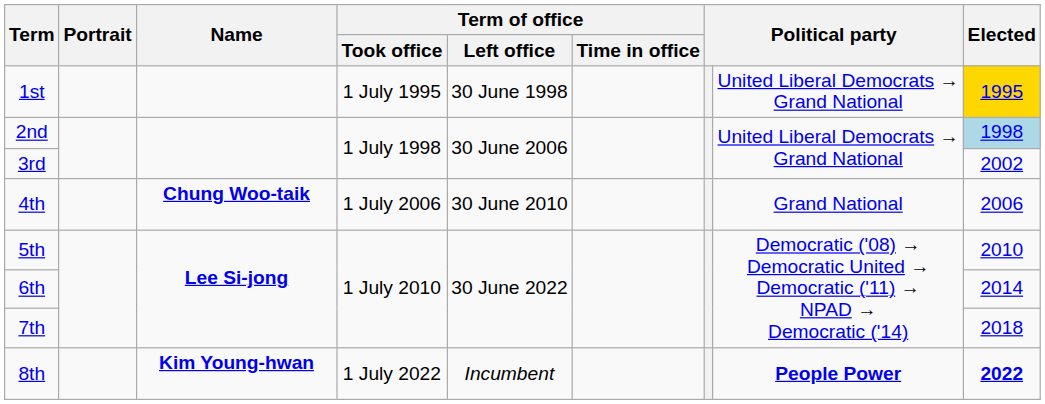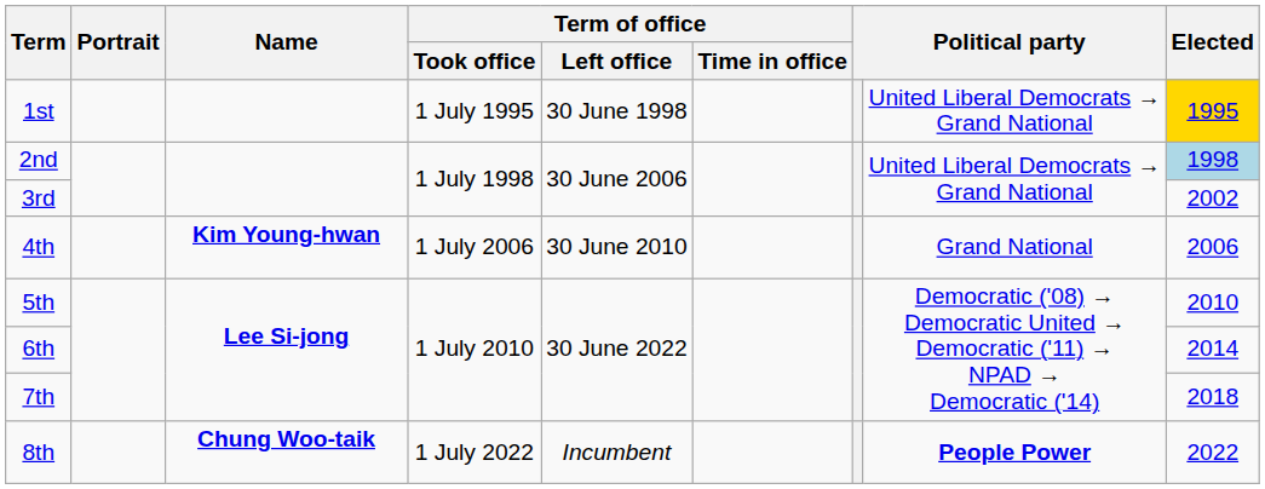 <table class="wikitable" style="text-align:center">
 <tr>
 <th rowspan="2">Term</th>
 <th rowspan="2">Portrait</th>
 <th rowspan="2" width="160">Name<br></th>
 <th colspan="3">Term of office</th>
 <th colspan="2" rowspan="2">Political party</th>
 <th rowspan="2">Elected</th>
 </tr>
 <tr>
 <th>Took office</th>
 <th>Left office</th>
 <th>Time in office</th>
 </tr>
 <tr>
 <td><a href='#'>1st</a></td>
 <td></td>
 <td><strong></strong><br><br></td>
 <td>1 July 1995</td>
 <td>30 June 1998</td>
 <td></td>
 <th style="background:"></th>
 <td><a href='#'>United Liberal Democrats</a> →<br><a href='#'>Grand National</a></td>
 <td style="background: gold;"><a href='#'>1995</a></td>
 </tr>
 <tr>
 <td><a href='#'>2nd</a></td>
 <td rowspan="2"></td>
 <td rowspan="2"><strong></strong><br><br></td>
 <td rowspan="2">1 July 1998</td>
 <td rowspan="2">30 June 2006</td>
 <td rowspan="2"></td>
 <th rowspan="2" style="background:"></th>
 <td rowspan="2"><a href='#'>United Liberal Democrats</a> →<br><a href='#'>Grand National</a></td>
 <td style="background: lightblue;"><a href='#'>1998</a></td>
 </tr>
 <tr>
 <td><a href='#'>3rd</a></td>
 <td><a href='#'>2002</a></td>
 </tr>
 <tr>
 <td><a href='#'>4th</a></td>
 <td></td>
-<td><strong><a href='#'>Chung Woo-taik</a></strong><br><br></td>
+<td><strong><a href='#'>Kim Young-hwan</a></strong><br><br></td>
 <td>1 July 2006</td>
 <td>30 June 2010</td>
 <td></td>
 <th style="background:"></th>
 <td><a href='#'>Grand National</a></td>
 <td><a href='#'>2006</a></td>
 </tr>
 <tr>
 <td><a href='#'>5th</a></td>
 <td rowspan="3"></td>
 <td rowspan="3"><strong><a href='#'>Lee Si-jong</a></strong><br><br></td>
 <td rowspan="3">1 July 2010</td>
 <td rowspan="3">30 June 2022</td>
 <td rowspan="3"></td>
 <th rowspan="3" style="background:"></th>
 <td rowspan="3"><a href='#'>Democratic ('08)</a> →<br><a href='#'>Democratic United</a> →<br><a href='#'>Democratic ('11)</a> →<br><a href='#'>NPAD</a> →<br><a href='#'>Democratic ('14)</a></td>
 <td><a href='#'>2010</a></td>
 </tr>
 <tr>
 <td><a href='#'>6th</a></td>
 <td><a href='#'>2014</a></td>
 </tr>
 <tr>
 <td><a href='#'>7th</a></td>
 <td><a href='#'>2018</a></td>
 </tr>
 <tr>
 <td><a href='#'>8th</a></td>
 <td></td>
-<td><strong><a href='#'>Kim Young-hwan</a></strong><br><br></td>
+<td><strong><a href='#'>Chung Woo-taik</a></strong><br><br></td>
 <td>1 July 2022</td>
 <td><em>Incumbent</em></td>
 <td></td>
 <th style="background:"></th>
 <td><strong><a href='#'>People Power</a></strong></td>
-<td><strong><a href='#'>2022</a></strong></td>
+<td><a href='#'>2022</a></td>
 </tr>
 </table>
